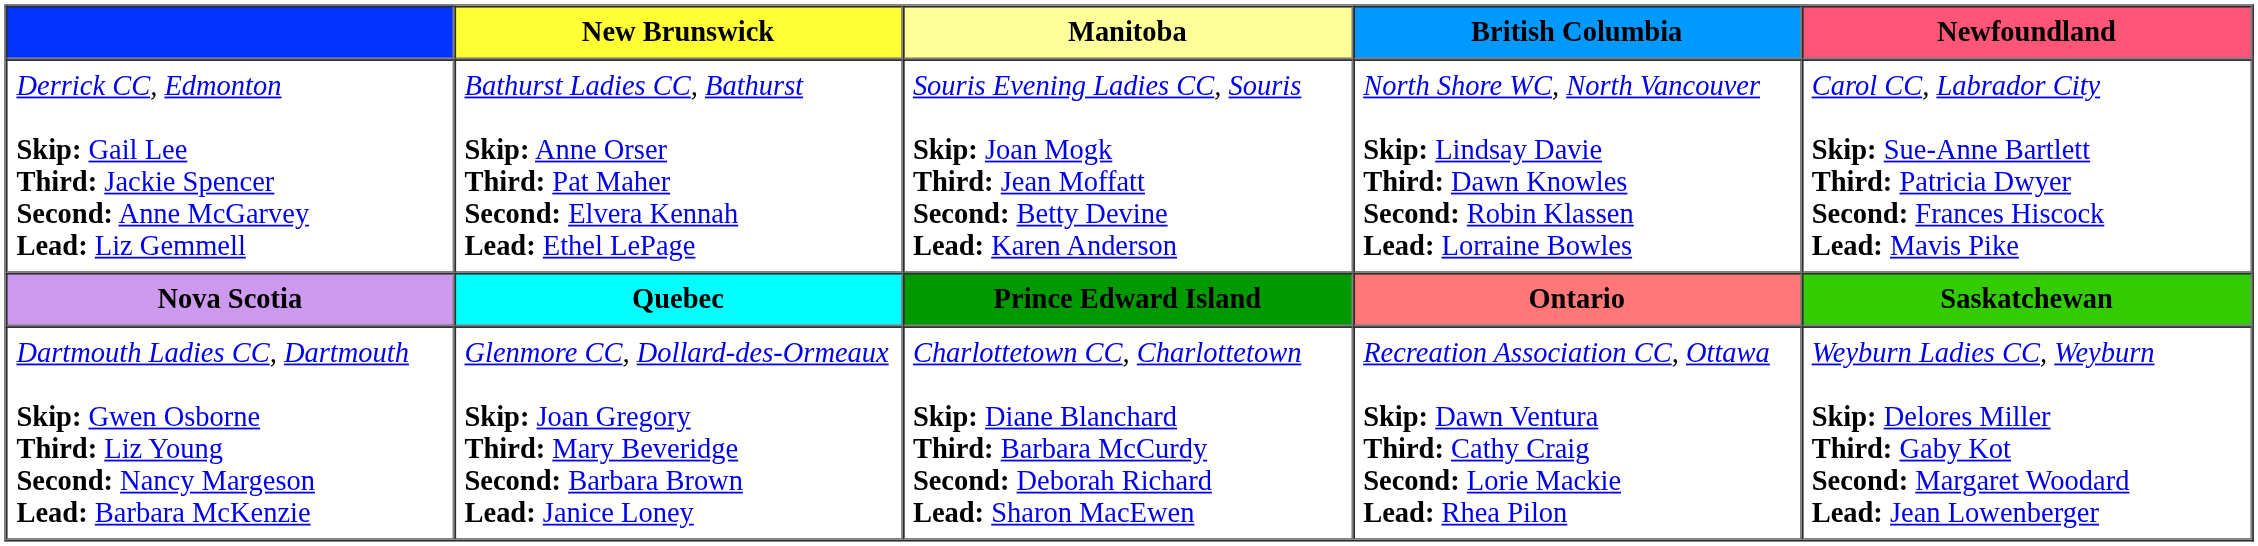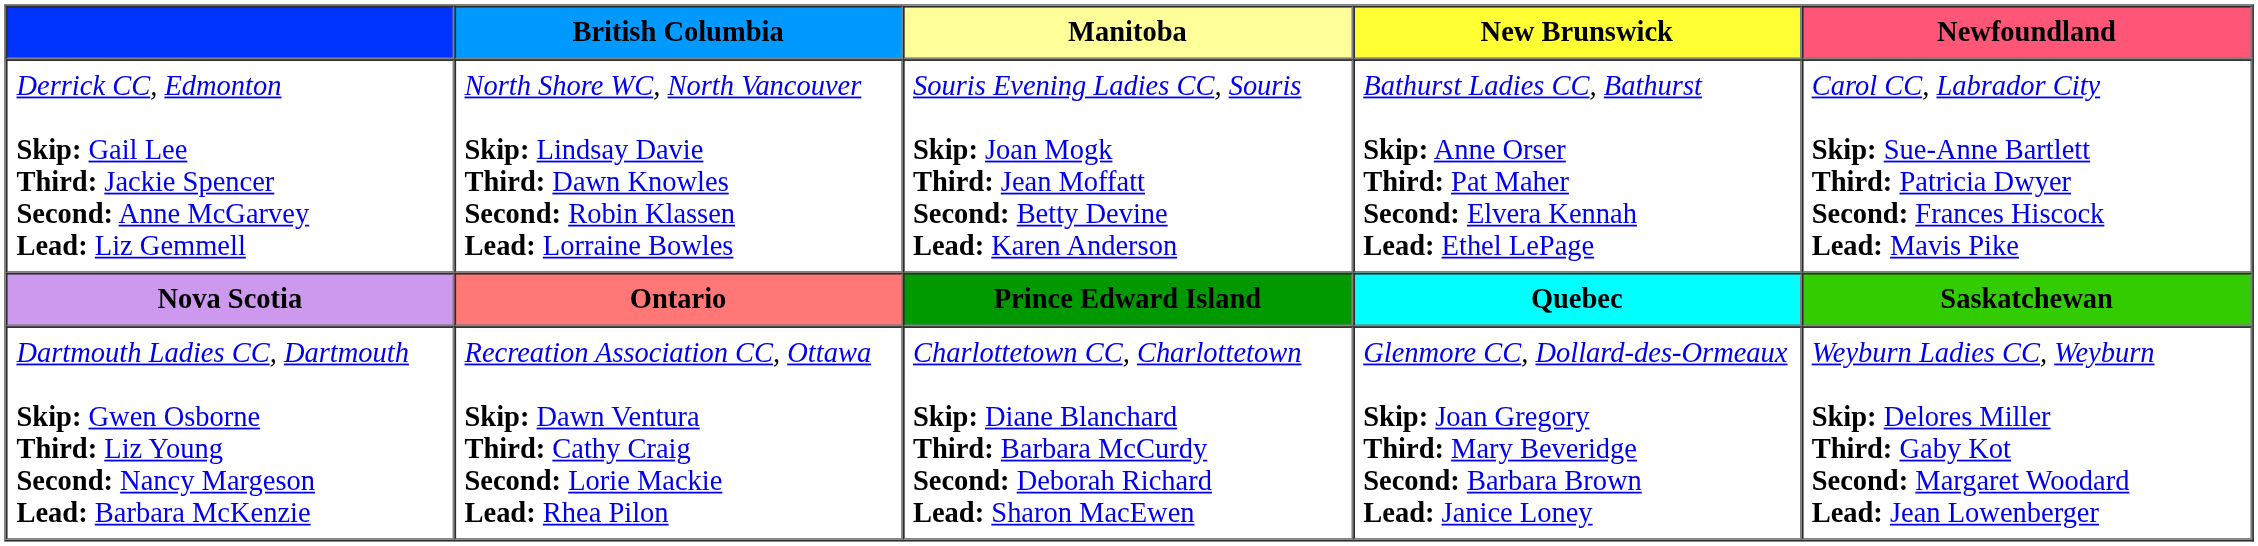 <table border=1 cellpadding=5 cellspacing=0>
 <tr>
 <th bgcolor="#0033ff" width="250"></th>
+<th bgcolor="#0099ff" width="250">British Columbia</th>
+<th bgcolor="#ffff99" width="250">Manitoba</th>
 <th bgcolor="#ffff33" width="250">New Brunswick</th>
-<th bgcolor="#ffff99" width="250">Manitoba</th>
-<th bgcolor="#0099ff" width="250">British Columbia</th>
 <th bgcolor="#ff5577" width="250">Newfoundland</th>
 </tr>
 <tr align=center>
 <td align=left><em><a href='#'>Derrick CC</a>, <a href='#'>Edmonton</a></em><br><br><strong>Skip:</strong>  <a href='#'>Gail Lee</a><br> <strong>Third:</strong>  <a href='#'>Jackie Spencer</a><br> <strong>Second:</strong>  <a href='#'>Anne McGarvey</a><br> <strong>Lead:</strong> <a href='#'>Liz Gemmell</a><br></td>
+<td align=left><em><a href='#'>North Shore WC</a>, <a href='#'>North Vancouver</a></em><br><br><strong>Skip:</strong>  <a href='#'>Lindsay Davie</a><br> <strong>Third:</strong> <a href='#'>Dawn Knowles</a><br> <strong>Second:</strong> <a href='#'>Robin Klassen</a><br> <strong>Lead:</strong> <a href='#'>Lorraine Bowles</a><br></td>
+<td align=left><em><a href='#'>Souris Evening Ladies CC</a>, <a href='#'>Souris</a></em><br><br><strong>Skip:</strong> <a href='#'>Joan Mogk</a> <br> <strong>Third:</strong> <a href='#'>Jean Moffatt</a><br> <strong>Second:</strong> <a href='#'>Betty Devine</a><br> <strong>Lead:</strong> <a href='#'>Karen Anderson</a><br></td>
 <td align=left><em><a href='#'>Bathurst Ladies CC</a>, <a href='#'>Bathurst</a></em> <br><br><strong>Skip:</strong>  <a href='#'>Anne Orser</a><br> <strong>Third:</strong> <a href='#'>Pat Maher</a><br> <strong>Second:</strong> <a href='#'>Elvera Kennah</a><br> <strong>Lead:</strong> <a href='#'>Ethel LePage</a><br></td>
-<td align=left><em><a href='#'>Souris Evening Ladies CC</a>, <a href='#'>Souris</a></em><br><br><strong>Skip:</strong> <a href='#'>Joan Mogk</a> <br> <strong>Third:</strong> <a href='#'>Jean Moffatt</a><br> <strong>Second:</strong> <a href='#'>Betty Devine</a><br> <strong>Lead:</strong> <a href='#'>Karen Anderson</a><br></td>
-<td align=left><em><a href='#'>North Shore WC</a>, <a href='#'>North Vancouver</a></em><br><br><strong>Skip:</strong>  <a href='#'>Lindsay Davie</a><br> <strong>Third:</strong> <a href='#'>Dawn Knowles</a><br> <strong>Second:</strong> <a href='#'>Robin Klassen</a><br> <strong>Lead:</strong> <a href='#'>Lorraine Bowles</a><br></td>
 <td align=left><em><a href='#'>Carol CC</a>, <a href='#'>Labrador City</a></em> <br><br><strong>Skip:</strong>  <a href='#'>Sue-Anne Bartlett</a> <br> <strong>Third:</strong> <a href='#'>Patricia Dwyer</a><br> <strong>Second:</strong> <a href='#'>Frances Hiscock</a><br> <strong>Lead:</strong> <a href='#'>Mavis Pike</a><br></td>
 </tr>
 <tr border=1 cellpadding=5 cellspacing=0>
 <th bgcolor="#cc99ee" width="250">Nova Scotia</th>
+<th bgcolor="#ff7777" width="250">Ontario</th>
+<th bgcolor="#009900" width="250">Prince Edward Island</th>
 <th bgcolor="#00ffff" width="250">Quebec</th>
-<th bgcolor="#009900" width="250">Prince Edward Island</th>
-<th bgcolor="#ff7777" width="250">Ontario</th>
 <th bgcolor="#33cc00" width="250">Saskatchewan</th>
 </tr>
 <tr align=center>
 <td align=left><em><a href='#'>Dartmouth Ladies CC</a>, <a href='#'>Dartmouth</a></em><br><br><strong>Skip:</strong>  <a href='#'>Gwen Osborne</a><br> <strong>Third:</strong> <a href='#'>Liz Young</a><br> <strong>Second:</strong> <a href='#'>Nancy Margeson</a> <br> <strong>Lead:</strong> <a href='#'>Barbara McKenzie</a><br></td>
+<td align=left><em><a href='#'>Recreation Association CC</a>, <a href='#'>Ottawa</a></em> <br><br><strong>Skip:</strong>  <a href='#'>Dawn Ventura</a><br> <strong>Third:</strong> <a href='#'>Cathy Craig</a><br> <strong>Second:</strong> <a href='#'>Lorie Mackie</a><br> <strong>Lead:</strong> <a href='#'>Rhea Pilon</a><br></td>
+<td align=left><em><a href='#'>Charlottetown CC</a>, <a href='#'>Charlottetown</a></em> <br><br><strong>Skip:</strong>  <a href='#'>Diane Blanchard</a><br> <strong>Third:</strong> <a href='#'>Barbara McCurdy</a><br> <strong>Second:</strong> <a href='#'>Deborah Richard</a><br> <strong>Lead:</strong> <a href='#'>Sharon MacEwen</a><br></td>
 <td align=left><em><a href='#'>Glenmore CC</a>, <a href='#'>Dollard-des-Ormeaux</a></em><br><br><strong>Skip:</strong>  <a href='#'>Joan Gregory</a><br> <strong>Third:</strong> <a href='#'>Mary Beveridge</a><br> <strong>Second:</strong> <a href='#'>Barbara Brown</a><br> <strong>Lead:</strong> <a href='#'>Janice Loney</a><br></td>
-<td align=left><em><a href='#'>Charlottetown CC</a>, <a href='#'>Charlottetown</a></em> <br><br><strong>Skip:</strong>  <a href='#'>Diane Blanchard</a><br> <strong>Third:</strong> <a href='#'>Barbara McCurdy</a><br> <strong>Second:</strong> <a href='#'>Deborah Richard</a><br> <strong>Lead:</strong> <a href='#'>Sharon MacEwen</a><br></td>
-<td align=left><em><a href='#'>Recreation Association CC</a>, <a href='#'>Ottawa</a></em> <br><br><strong>Skip:</strong>  <a href='#'>Dawn Ventura</a><br> <strong>Third:</strong> <a href='#'>Cathy Craig</a><br> <strong>Second:</strong> <a href='#'>Lorie Mackie</a><br> <strong>Lead:</strong> <a href='#'>Rhea Pilon</a><br></td>
 <td align=left><em><a href='#'>Weyburn Ladies CC</a>, <a href='#'>Weyburn</a></em><br><br><strong>Skip:</strong>  <a href='#'>Delores Miller</a><br> <strong>Third:</strong> <a href='#'>Gaby Kot</a><br> <strong>Second:</strong> <a href='#'>Margaret Woodard</a><br> <strong>Lead:</strong> <a href='#'>Jean Lowenberger</a><br></td>
 </tr>
 </table>
